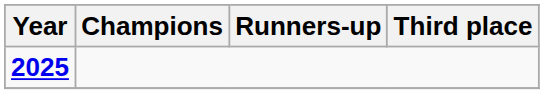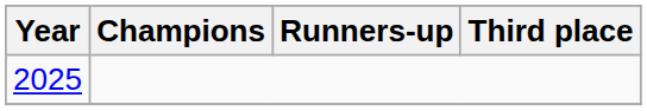 <table class=wikitable style="font-size:90%; text-align: center">
 <tr>
 <th>Year</th>
 <th> Champions</th>
 <th> Runners-up</th>
 <th> Third place</th>
 </tr>
 <tr>
-<td><strong><a href='#'>2025</a></strong></td>
+<td><a href='#'>2025</a></td>
 <td colspan="3"></td>
 </tr>
 <tr>
 </tr>
 </table>
